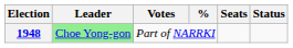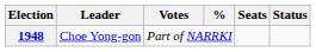 <table class="wikitable" style="text-align:center">
 <tr>
 <th>Election</th>
 <th>Leader</th>
 <th>Votes</th>
 <th>%</th>
 <th>Seats</th>
 <th>Status</th>
 </tr>
 <tr>
 <th><a href='#'>1948</a></th>
-<td style="background: lightgreen;"><a href='#'>Choe Yong-gon</a></td>
+<td><a href='#'>Choe Yong-gon</a></td>
 <td colspan="2"><em>Part of <a href='#'>NARRKI</a></em></td>
 <td></td>
 <td></td>
 </tr>
 </table>
